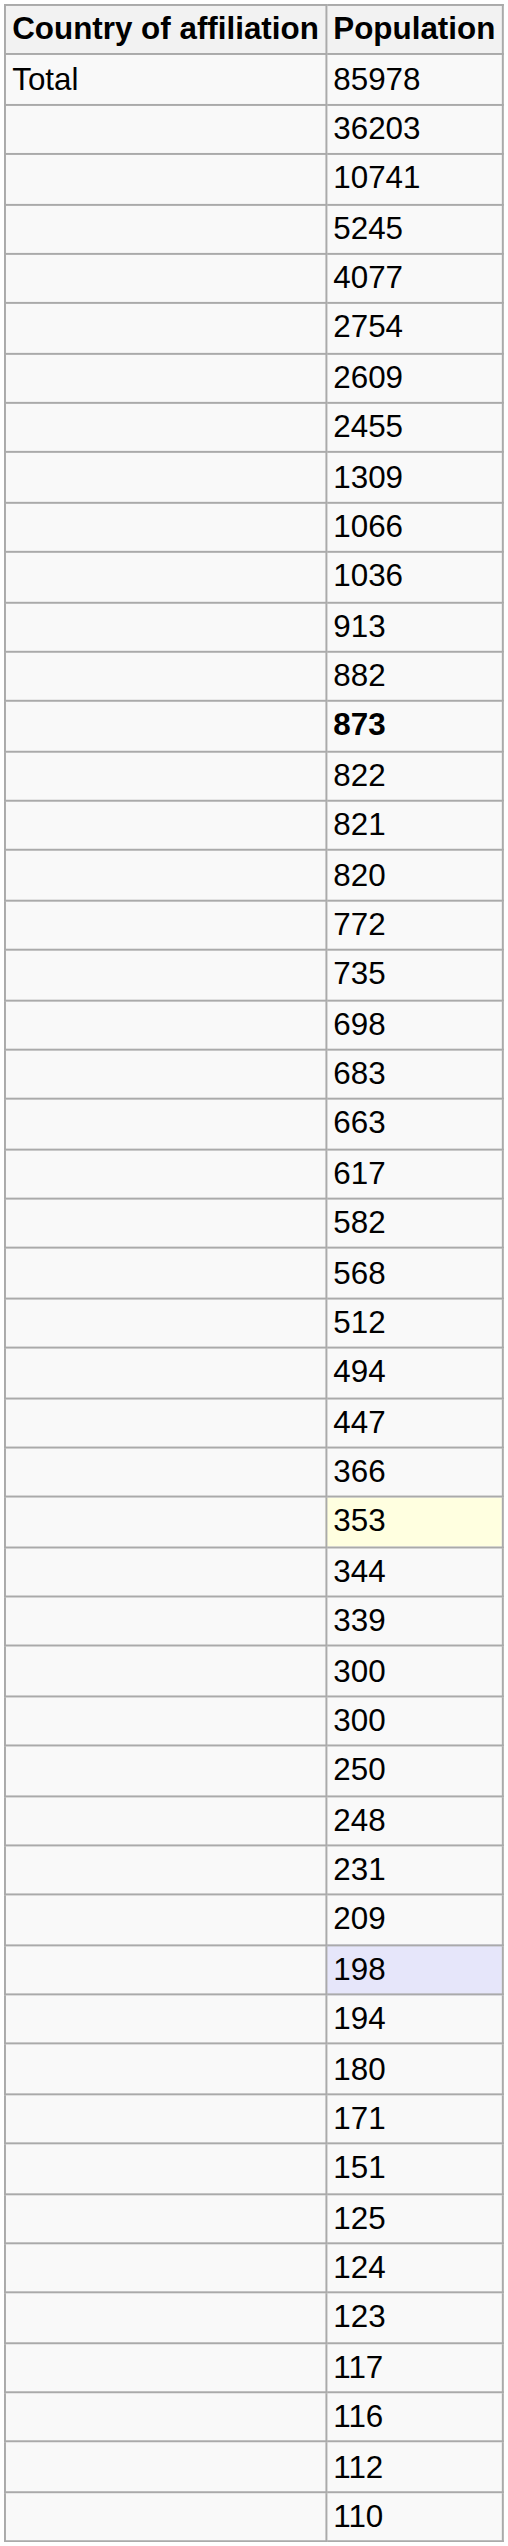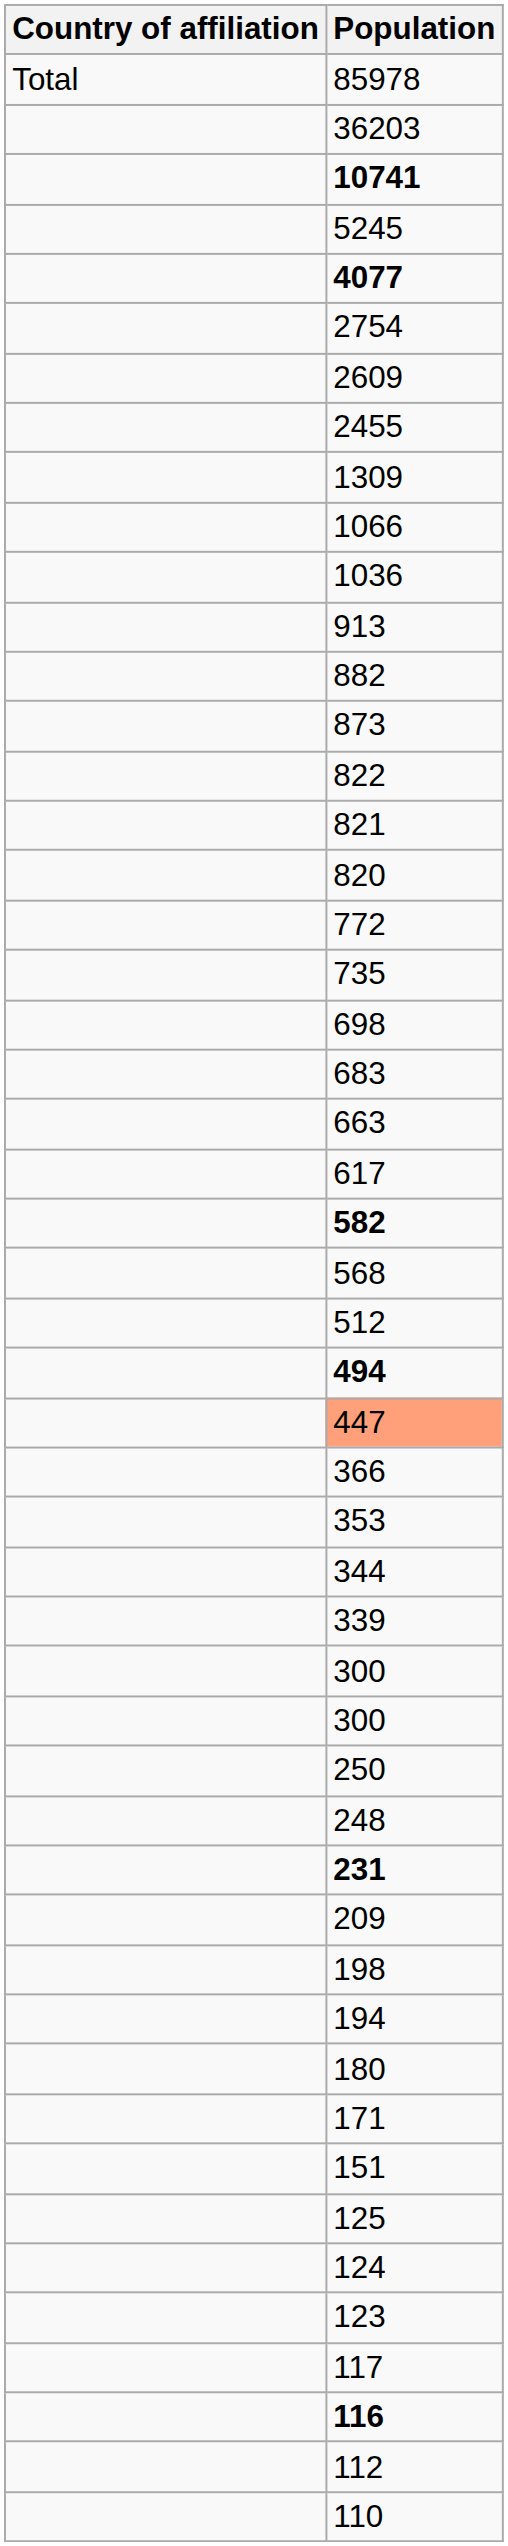 <table class="wikitable">
 <tr>
 <th>Country of affiliation</th>
 <th>Population</th>
 </tr>
 <tr>
 <td>Total</td>
 <td>85978</td>
 </tr>
 <tr>
 <td></td>
 <td>36203</td>
 </tr>
 <tr>
 <td></td>
-<td>10741</td>
+<td><strong>10741</strong></td>
 </tr>
 <tr>
 <td></td>
 <td>5245</td>
 </tr>
 <tr>
 <td></td>
-<td>4077</td>
+<td><strong>4077</strong></td>
 </tr>
 <tr>
 <td></td>
 <td>2754</td>
 </tr>
 <tr>
 <td></td>
 <td>2609</td>
 </tr>
 <tr>
 <td></td>
 <td>2455</td>
 </tr>
 <tr>
 <td></td>
 <td>1309</td>
 </tr>
 <tr>
 <td></td>
 <td>1066</td>
 </tr>
 <tr>
 <td></td>
 <td>1036</td>
 </tr>
 <tr>
 <td></td>
 <td>913</td>
 </tr>
 <tr>
 <td></td>
 <td>882</td>
 </tr>
 <tr>
 <td></td>
-<td><strong>873</strong></td>
+<td>873</td>
 </tr>
 <tr>
 <td></td>
 <td>822</td>
 </tr>
 <tr>
 <td></td>
 <td>821</td>
 </tr>
 <tr>
 <td></td>
 <td>820</td>
 </tr>
 <tr>
 <td></td>
 <td>772</td>
 </tr>
 <tr>
 <td></td>
 <td>735</td>
 </tr>
 <tr>
 <td></td>
 <td>698</td>
 </tr>
 <tr>
 <td></td>
 <td>683</td>
 </tr>
 <tr>
 <td></td>
 <td>663</td>
 </tr>
 <tr>
 <td></td>
 <td>617</td>
 </tr>
 <tr>
 <td></td>
-<td>582</td>
+<td><strong>582</strong></td>
 </tr>
 <tr>
 <td></td>
 <td>568</td>
 </tr>
 <tr>
 <td></td>
 <td>512</td>
 </tr>
 <tr>
 <td></td>
-<td>494</td>
+<td><strong>494</strong></td>
 </tr>
 <tr>
 <td></td>
-<td>447</td>
+<td style="background: lightsalmon;">447</td>
 </tr>
 <tr>
 <td></td>
 <td>366</td>
 </tr>
 <tr>
 <td></td>
-<td style="background: lightyellow;">353</td>
+<td>353</td>
 </tr>
 <tr>
 <td></td>
 <td>344</td>
 </tr>
 <tr>
 <td></td>
 <td>339</td>
 </tr>
 <tr>
 <td></td>
 <td>300</td>
 </tr>
 <tr>
 <td></td>
 <td>300</td>
 </tr>
 <tr>
 <td></td>
 <td>250</td>
 </tr>
 <tr>
 <td></td>
 <td>248</td>
 </tr>
 <tr>
 <td></td>
-<td>231</td>
+<td><strong>231</strong></td>
 </tr>
 <tr>
 <td></td>
 <td>209</td>
 </tr>
 <tr>
 <td></td>
-<td style="background: lavender;">198</td>
+<td>198</td>
 </tr>
 <tr>
 <td></td>
 <td>194</td>
 </tr>
 <tr>
 <td></td>
 <td>180</td>
 </tr>
 <tr>
 <td></td>
 <td>171</td>
 </tr>
 <tr>
 <td></td>
 <td>151</td>
 </tr>
 <tr>
 <td></td>
 <td>125</td>
 </tr>
 <tr>
 <td></td>
 <td>124</td>
 </tr>
 <tr>
 <td></td>
 <td>123</td>
 </tr>
 <tr>
 <td></td>
 <td>117</td>
 </tr>
 <tr>
 <td></td>
-<td>116</td>
+<td><strong>116</strong></td>
 </tr>
 <tr>
 <td></td>
 <td>112</td>
 </tr>
 <tr>
 <td></td>
 <td>110</td>
 </tr>
 </table>
